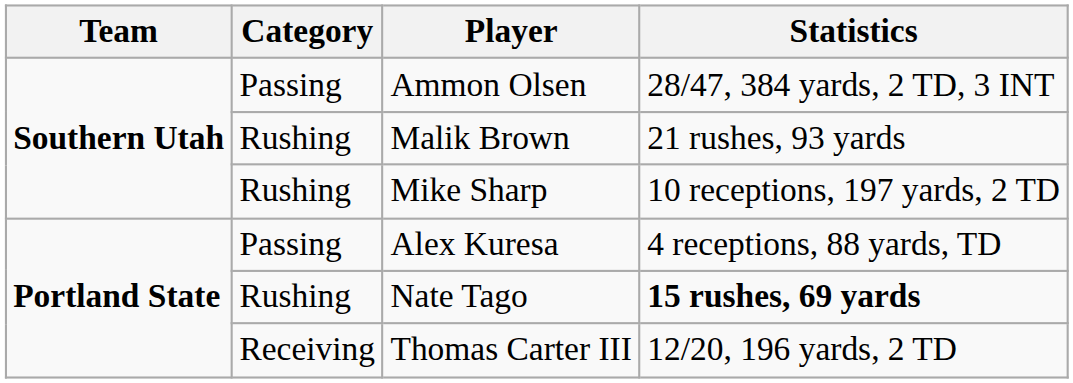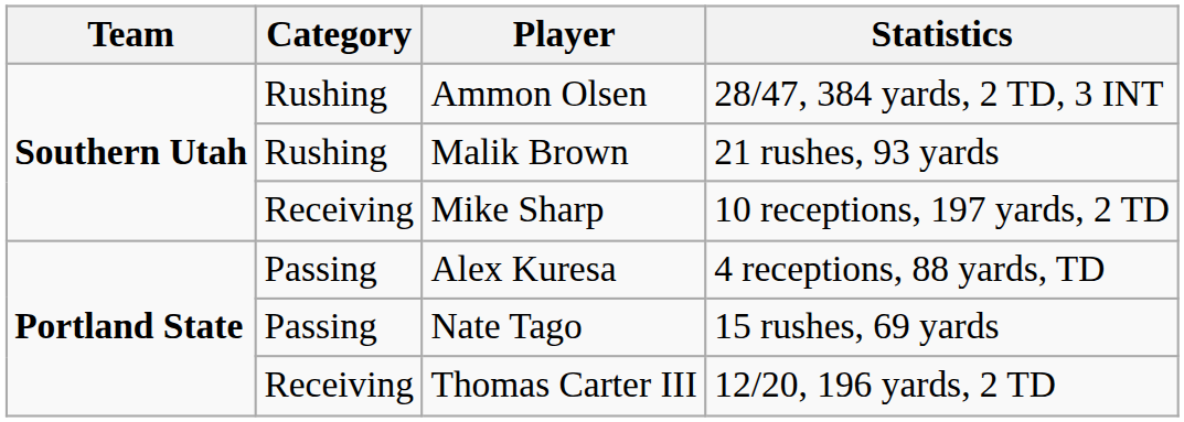 <table class="wikitable" style="float: right;">
 <tr>
 <th>Team</th>
 <th>Category</th>
 <th>Player</th>
 <th>Statistics</th>
 </tr>
 <tr>
 <td rowspan=3><strong>Southern Utah</strong></td>
-<td>Passing</td>
+<td>Rushing</td>
 <td>Ammon Olsen</td>
 <td>28/47, 384 yards, 2 TD, 3 INT</td>
 </tr>
 <tr>
 <td>Rushing</td>
 <td>Malik Brown</td>
 <td>21 rushes, 93 yards</td>
 </tr>
 <tr>
-<td>Rushing</td>
+<td>Receiving</td>
 <td>Mike Sharp</td>
 <td>10 receptions, 197 yards, 2 TD</td>
 </tr>
 <tr>
 <td rowspan=3><strong>Portland State</strong></td>
 <td>Passing</td>
 <td>Alex Kuresa</td>
 <td>4 receptions, 88 yards, TD</td>
 </tr>
 <tr>
-<td>Rushing</td>
+<td>Passing</td>
 <td>Nate Tago</td>
-<td><strong>15 rushes, 69 yards</strong></td>
+<td>15 rushes, 69 yards</td>
 </tr>
 <tr>
 <td>Receiving</td>
 <td>Thomas Carter III</td>
 <td>12/20, 196 yards, 2 TD</td>
 </tr>
 </table>
